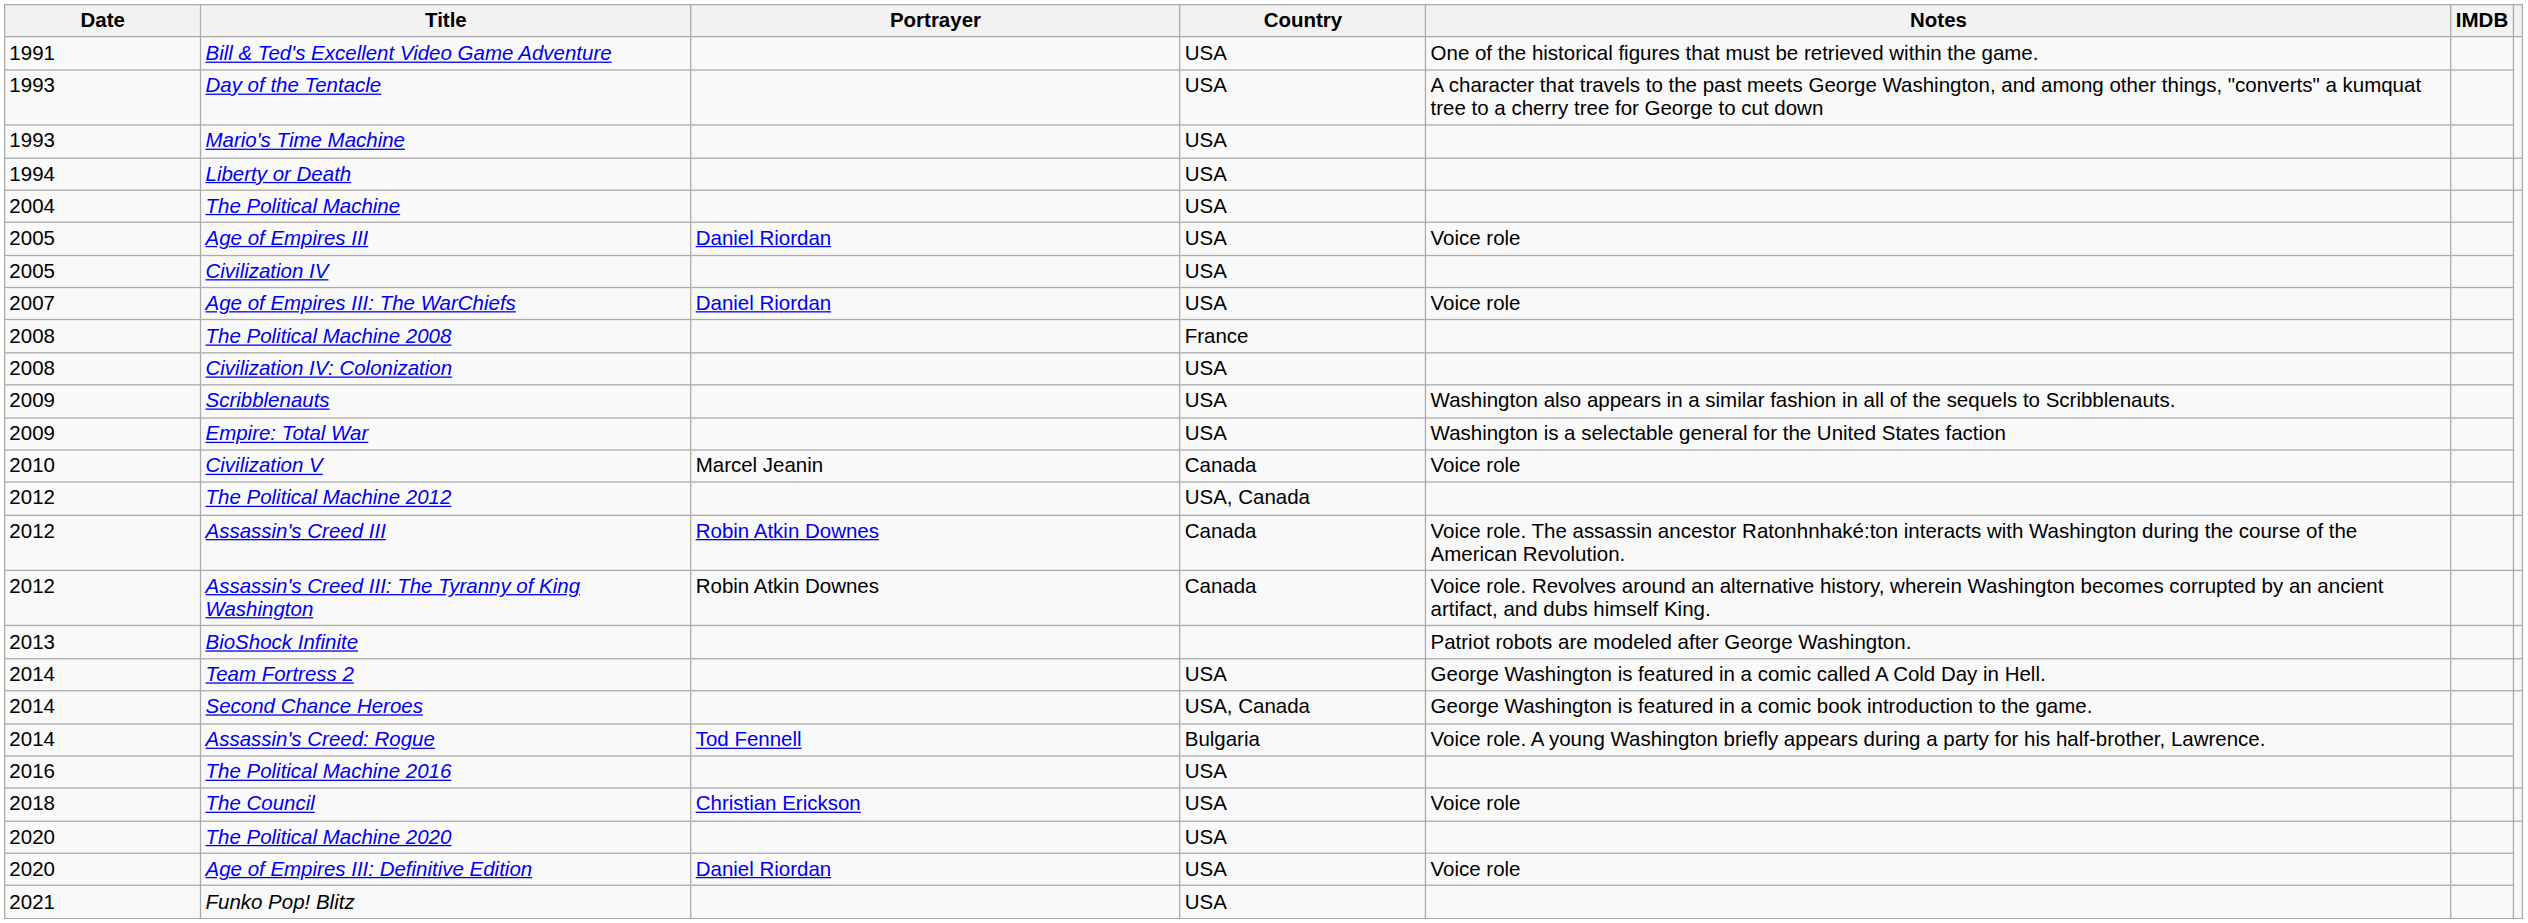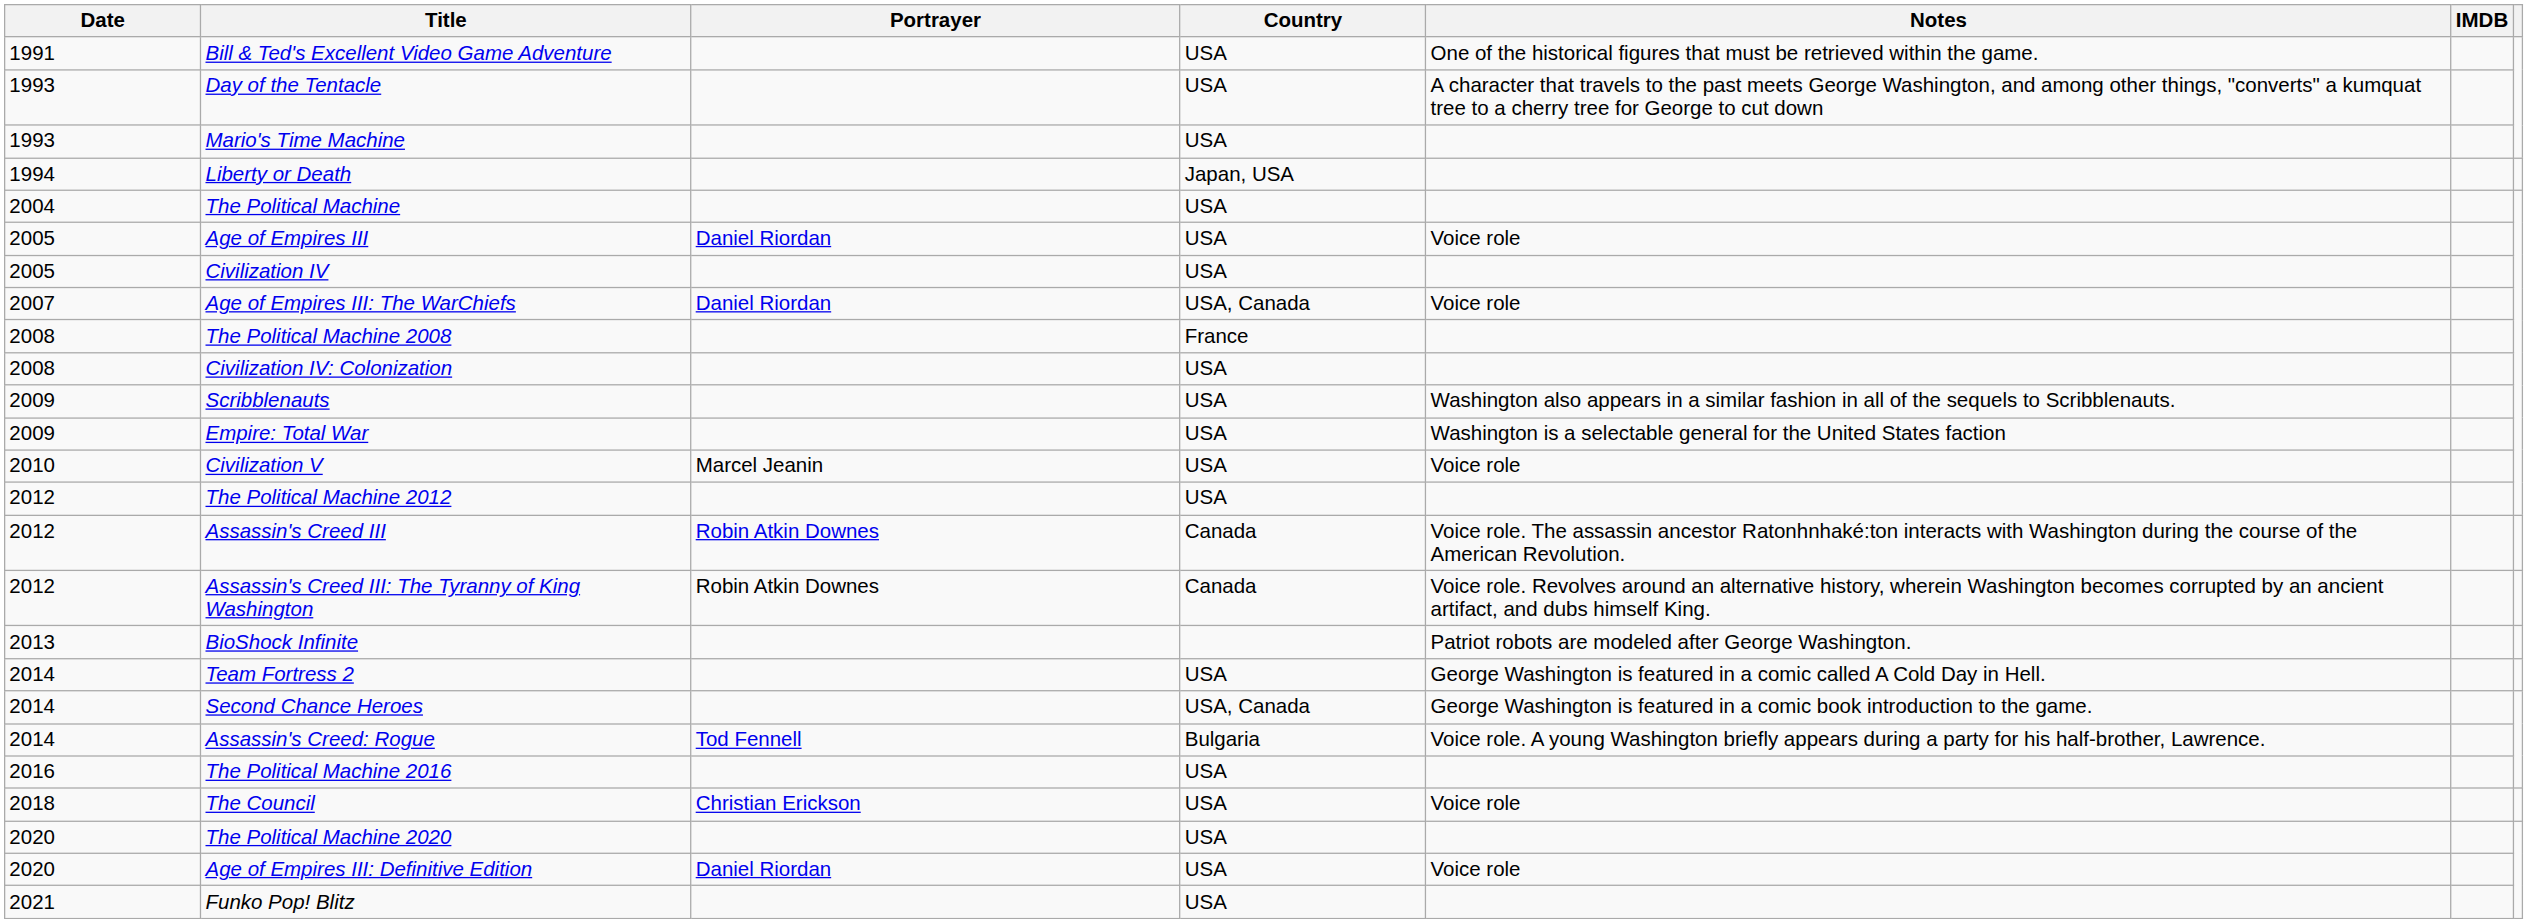 <table class="wikitable sortable">
 <tr>
 <th width="8%">Date</th>
 <th width="20%">Title</th>
 <th width="20%">Portrayer</th>
 <th width="10%">Country</th>
 <th width="53%">Notes</th>
 <th width="5%">IMDB</th>
 <th width="5%"></th>
 </tr>
 <tr valign="top">
 <td>1991</td>
 <td><em><a href='#'>Bill & Ted's Excellent Video Game Adventure</a></em></td>
 <td></td>
 <td>USA</td>
 <td>One of the historical figures that must be retrieved within the game.</td>
 <td></td>
 </tr>
 <tr valign="top">
 <td>1993</td>
 <td><em><a href='#'>Day of the Tentacle</a></em></td>
 <td></td>
 <td>USA</td>
 <td>A character that travels to the past meets George Washington, and among other things, "converts" a kumquat tree to a cherry tree for George to cut down</td>
 <td></td>
 </tr>
 <tr valign="top">
 <td>1993</td>
 <td><em><a href='#'>Mario's Time Machine</a></em></td>
 <td></td>
 <td>USA</td>
 <td></td>
 <td></td>
 </tr>
 <tr valign="top">
 <td>1994</td>
 <td><em><a href='#'>Liberty or Death</a></em></td>
 <td></td>
-<td>USA</td>
+<td>Japan, USA</td>
 <td></td>
 <td></td>
 <td></td>
 </tr>
 <tr valign="top">
 <td>2004</td>
 <td><em><a href='#'>The Political Machine</a></em></td>
 <td></td>
 <td>USA</td>
 <td></td>
 <td></td>
 </tr>
 <tr valign="top">
 <td>2005</td>
 <td><em><a href='#'>Age of Empires III</a></em></td>
 <td><a href='#'>Daniel Riordan</a></td>
 <td>USA</td>
 <td>Voice role</td>
 <td></td>
 </tr>
 <tr valign="top">
 <td>2005</td>
 <td><em><a href='#'>Civilization IV</a></em></td>
 <td></td>
 <td>USA</td>
 <td></td>
 <td></td>
 </tr>
 <tr valign="top">
 <td>2007</td>
 <td><em><a href='#'>Age of Empires III: The WarChiefs</a></em></td>
 <td><a href='#'>Daniel Riordan</a></td>
-<td>USA</td>
+<td>USA, Canada</td>
 <td>Voice role</td>
 <td></td>
 </tr>
 <tr valign="top">
 <td>2008</td>
 <td><em><a href='#'>The Political Machine 2008</a></em></td>
 <td></td>
 <td>France</td>
 <td></td>
 <td></td>
 </tr>
 <tr valign="top">
 <td>2008</td>
 <td><em><a href='#'>Civilization IV: Colonization</a></em></td>
 <td></td>
 <td>USA</td>
 <td></td>
 <td></td>
 </tr>
 <tr valign="top">
 <td>2009</td>
 <td><em><a href='#'>Scribblenauts</a></em></td>
 <td></td>
 <td>USA</td>
 <td>Washington also appears in a similar fashion in all of the sequels to Scribblenauts.</td>
 <td></td>
 </tr>
 <tr valign="top">
 <td>2009</td>
 <td><em><a href='#'>Empire: Total War</a></em></td>
 <td></td>
 <td>USA</td>
 <td>Washington is a selectable general for the United States faction</td>
 <td></td>
 </tr>
 <tr valign="top">
 <td>2010</td>
 <td><em><a href='#'>Civilization V</a></em></td>
 <td>Marcel Jeanin</td>
-<td>Canada</td>
+<td>USA</td>
 <td>Voice role</td>
 <td></td>
 </tr>
 <tr valign="top">
 <td>2012</td>
 <td><em><a href='#'>The Political Machine 2012</a></em></td>
 <td></td>
-<td>USA, Canada</td>
+<td>USA</td>
 <td></td>
 <td></td>
 </tr>
 <tr valign="top">
 <td>2012</td>
 <td><em><a href='#'>Assassin's Creed III</a></em></td>
 <td><a href='#'>Robin Atkin Downes</a></td>
 <td>Canada</td>
 <td>Voice role. The assassin ancestor Ratonhnhaké:ton interacts with Washington during the course of the American Revolution.</td>
 <td></td>
 <td></td>
 </tr>
 <tr valign="top">
 <td>2012</td>
 <td><em><a href='#'>Assassin's Creed III: The Tyranny of King Washington</a></em></td>
 <td>Robin Atkin Downes</td>
 <td>Canada</td>
 <td>Voice role. Revolves around an alternative history, wherein Washington becomes corrupted by an ancient artifact, and dubs himself King.</td>
 <td></td>
 <td></td>
 </tr>
 <tr valign="top">
 <td>2013</td>
 <td><em><a href='#'>BioShock Infinite</a></em></td>
 <td></td>
 <td></td>
 <td>Patriot robots are modeled after George Washington.</td>
 <td></td>
 <td></td>
 </tr>
 <tr valign="top">
 <td>2014</td>
 <td><em><a href='#'>Team Fortress 2</a></em></td>
 <td></td>
 <td>USA</td>
 <td>George Washington is featured in a comic called A Cold Day in Hell.</td>
 <td></td>
 <td></td>
 </tr>
 <tr valign="top">
 <td>2014</td>
 <td><em><a href='#'>Second Chance Heroes</a></em></td>
 <td></td>
 <td>USA, Canada</td>
 <td>George Washington is featured in a comic book introduction to the game.</td>
 <td></td>
 </tr>
 <tr valign="top">
 <td>2014</td>
 <td><em><a href='#'>Assassin's Creed: Rogue</a></em></td>
 <td><a href='#'>Tod Fennell</a></td>
 <td>Bulgaria</td>
 <td>Voice role. A young Washington briefly appears during a party for his half-brother, Lawrence.</td>
 <td></td>
 </tr>
 <tr valign="top">
 <td>2016</td>
 <td><em><a href='#'>The Political Machine 2016</a></em></td>
 <td></td>
 <td>USA</td>
 <td></td>
 <td></td>
 </tr>
 <tr valign="top">
 <td>2018</td>
 <td><em><a href='#'>The Council</a></em></td>
 <td><a href='#'>Christian Erickson</a></td>
 <td>USA</td>
 <td>Voice role</td>
 <td></td>
 <td></td>
 </tr>
 <tr valign="top">
 <td>2020</td>
 <td><em><a href='#'>The Political Machine 2020</a></em></td>
 <td></td>
 <td>USA</td>
 <td></td>
 <td></td>
 </tr>
 <tr valign="top">
 <td>2020</td>
 <td><em><a href='#'>Age of Empires III: Definitive Edition</a></em></td>
 <td><a href='#'>Daniel Riordan</a></td>
 <td>USA</td>
 <td>Voice role</td>
 <td></td>
 </tr>
 <tr valign="top">
 <td>2021</td>
 <td><em>Funko Pop! Blitz</em></td>
 <td></td>
 <td>USA</td>
 <td></td>
 <td></td>
 </tr>
 </table>
